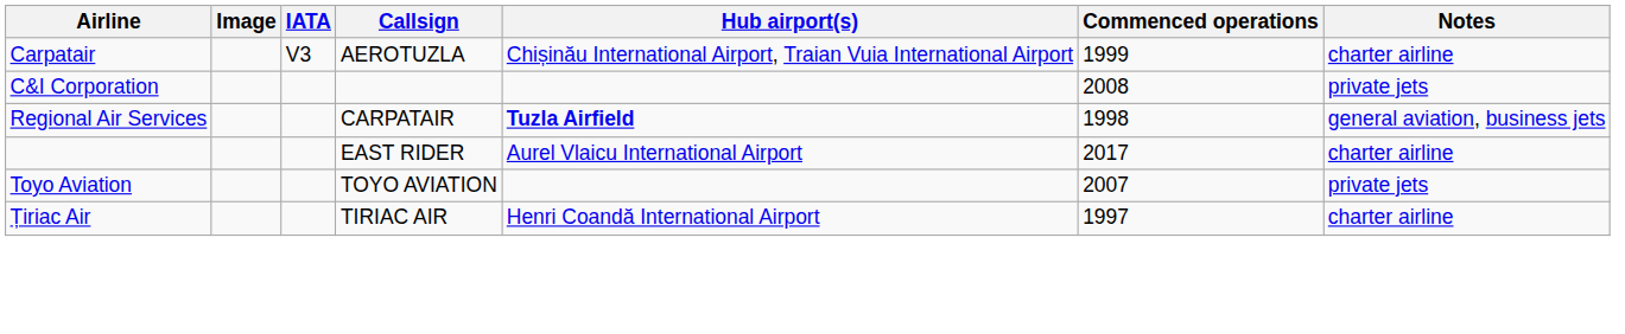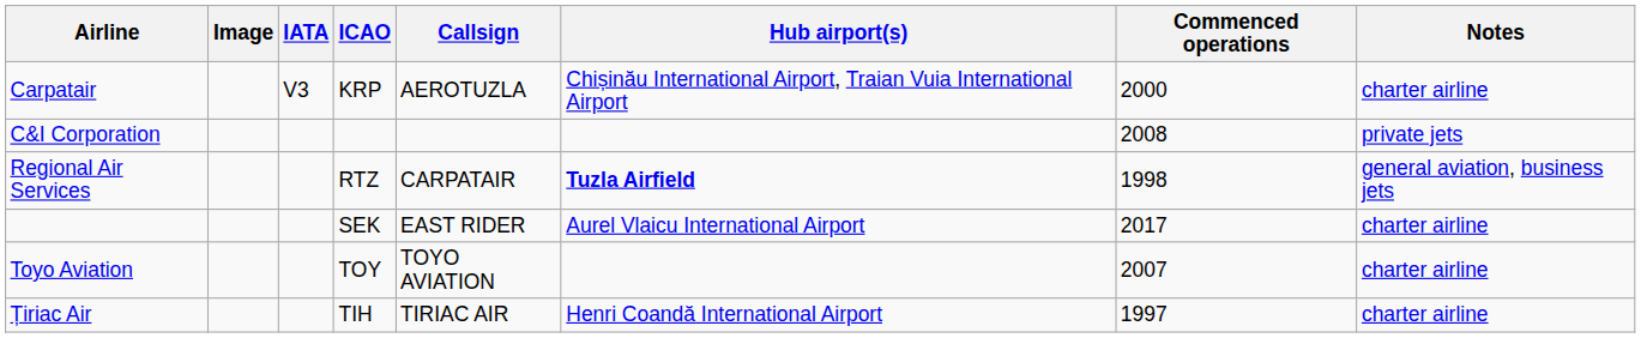 <table class="wikitable sortable" style="border: 0; cellpadding: 2; cellspacing: 3;">
 <tr valign="middle">
 <th>Airline</th>
 <th>Image</th>
 <th><a href='#'>IATA</a></th>
+<th><a href='#'>ICAO</a></th>
 <th><a href='#'>Callsign</a></th>
 <th><a href='#'>Hub airport(s)</a></th>
 <th>Commenced operations</th>
 <th class="unsortable">Notes</th>
 </tr>
 <tr>
 <td><a href='#'>Carpatair</a></td>
 <td></td>
 <td>V3</td>
+<td>KRP</td>
 <td>AEROTUZLA</td>
 <td><a href='#'>Chișinău International Airport</a>, <a href='#'>Traian Vuia International Airport</a></td>
-<td>1999</td>
+<td>2000</td>
 <td><a href='#'>charter airline</a></td>
 </tr>
 <tr>
 <td><a href='#'>C&I Corporation</a></td>
+<td></td>
 <td></td>
 <td></td>
 <td></td>
 <td></td>
 <td>2008</td>
 <td><a href='#'>private jets</a></td>
 </tr>
 <tr>
 <td><a href='#'>Regional Air Services</a></td>
 <td></td>
 <td></td>
+<td>RTZ</td>
 <td>CARPATAIR</td>
 <td><strong><a href='#'>Tuzla Airfield</a></strong></td>
 <td>1998</td>
 <td><a href='#'>general aviation</a>, <a href='#'>business jets</a></td>
 </tr>
 <tr>
 <td></td>
 <td></td>
 <td></td>
+<td>SEK</td>
 <td>EAST RIDER</td>
 <td><a href='#'>Aurel Vlaicu International Airport</a></td>
 <td>2017</td>
 <td><a href='#'>charter airline</a></td>
 </tr>
 <tr>
 <td><a href='#'>Toyo Aviation</a></td>
 <td></td>
 <td></td>
+<td>TOY</td>
 <td>TOYO AVIATION</td>
 <td></td>
 <td>2007</td>
-<td><a href='#'>private jets</a></td>
+<td><a href='#'>charter airline</a></td>
 </tr>
 <tr>
 <td><a href='#'>Țiriac Air</a></td>
 <td></td>
 <td></td>
+<td>TIH</td>
 <td>TIRIAC AIR</td>
 <td><a href='#'>Henri Coandă International Airport</a></td>
 <td>1997</td>
 <td><a href='#'>charter airline</a></td>
 </tr>
 </table>
